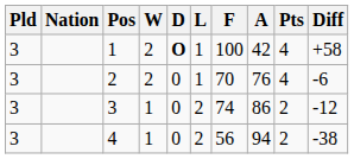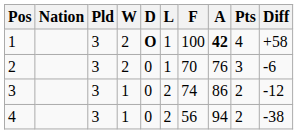 <table class="wikitable">
 <tr>
+<th>Pos</th>
+<th>Nation</th>
 <th>Pld</th>
-<th>Nation</th>
-<th>Pos</th>
 <th>W</th>
 <th>D</th>
 <th>L</th>
 <th>F</th>
 <th>A</th>
 <th>Pts</th>
 <th>Diff</th>
 </tr>
 <tr>
+<td>1</td>
+<td></td>
 <td>3</td>
-<td></td>
-<td>1</td>
 <td>2</td>
 <td><strong>O</strong></td>
 <td>1</td>
 <td>100</td>
-<td>42</td>
+<td><strong>42</strong></td>
 <td>4</td>
 <td>+58</td>
 </tr>
 <tr>
+<td>2</td>
+<td></td>
 <td>3</td>
-<td></td>
-<td>2</td>
 <td>2</td>
 <td>0</td>
 <td>1</td>
 <td>70</td>
 <td>76</td>
-<td>4</td>
+<td>3</td>
 <td>-6</td>
 </tr>
 <tr>
 <td>3</td>
 <td></td>
 <td>3</td>
 <td>1</td>
 <td>0</td>
 <td>2</td>
 <td>74</td>
 <td>86</td>
 <td>2</td>
 <td>-12</td>
 </tr>
 <tr>
+<td>4</td>
+<td></td>
 <td>3</td>
-<td></td>
-<td>4</td>
 <td>1</td>
 <td>0</td>
 <td>2</td>
 <td>56</td>
 <td>94</td>
 <td>2</td>
 <td>-38</td>
 </tr>
 </table>
